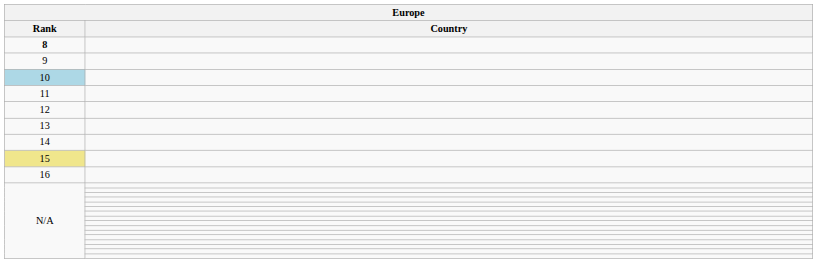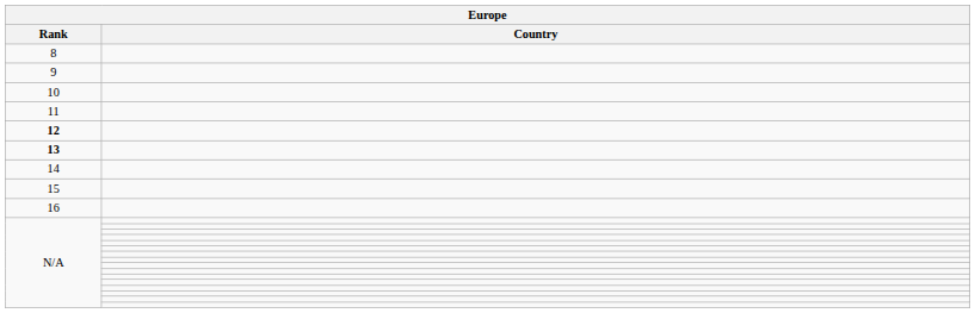 <table class="wikitable sortable" style="text-align: center" width=100%>
 <tr>
 <th colspan=2 align="center">Europe</th>
 </tr>
 <tr>
 <th width=10% align="center">Rank</th>
 <th width=90% align="center">Country</th>
 </tr>
 <tr>
-<td><strong>8</strong></td>
+<td>8</td>
 <td align="left"></td>
 </tr>
 <tr>
 <td>9</td>
 <td align="left"></td>
 </tr>
 <tr>
-<td style="background: lightblue;">10</td>
+<td>10</td>
 <td align="left"></td>
 </tr>
 <tr>
 <td>11</td>
 <td align="left"></td>
 </tr>
 <tr>
-<td>12</td>
+<td><strong>12</strong></td>
 <td align="left"></td>
 </tr>
 <tr>
-<td>13</td>
+<td><strong>13</strong></td>
 <td align="left"></td>
 </tr>
 <tr>
 <td>14</td>
 <td align="left"></td>
 </tr>
 <tr>
-<td style="background: khaki;">15</td>
+<td>15</td>
 <td align="left"></td>
 </tr>
 <tr>
 <td>16</td>
 <td align="left"></td>
 </tr>
 <tr>
 <td rowspan=16>N/A</td>
 <td align="left"></td>
 </tr>
 <tr>
 <td align="left"></td>
 </tr>
 <tr>
 <td align="left"></td>
 </tr>
 <tr>
 <td align="left"></td>
 </tr>
 <tr>
 <td align="left"></td>
 </tr>
 <tr>
 <td align="left"></td>
 </tr>
 <tr>
 <td align="left"></td>
 </tr>
 <tr>
 <td align="left"></td>
 </tr>
 <tr>
 <td align="left"></td>
 </tr>
 <tr>
 <td align="left"></td>
 </tr>
 <tr>
 <td align="left"></td>
 </tr>
 <tr>
 <td align="left"></td>
 </tr>
 <tr>
 <td align="left"></td>
 </tr>
 <tr>
 <td align="left"></td>
 </tr>
 <tr>
 <td align="left"></td>
 </tr>
 <tr>
 <td align="left"></td>
 </tr>
 </table>
